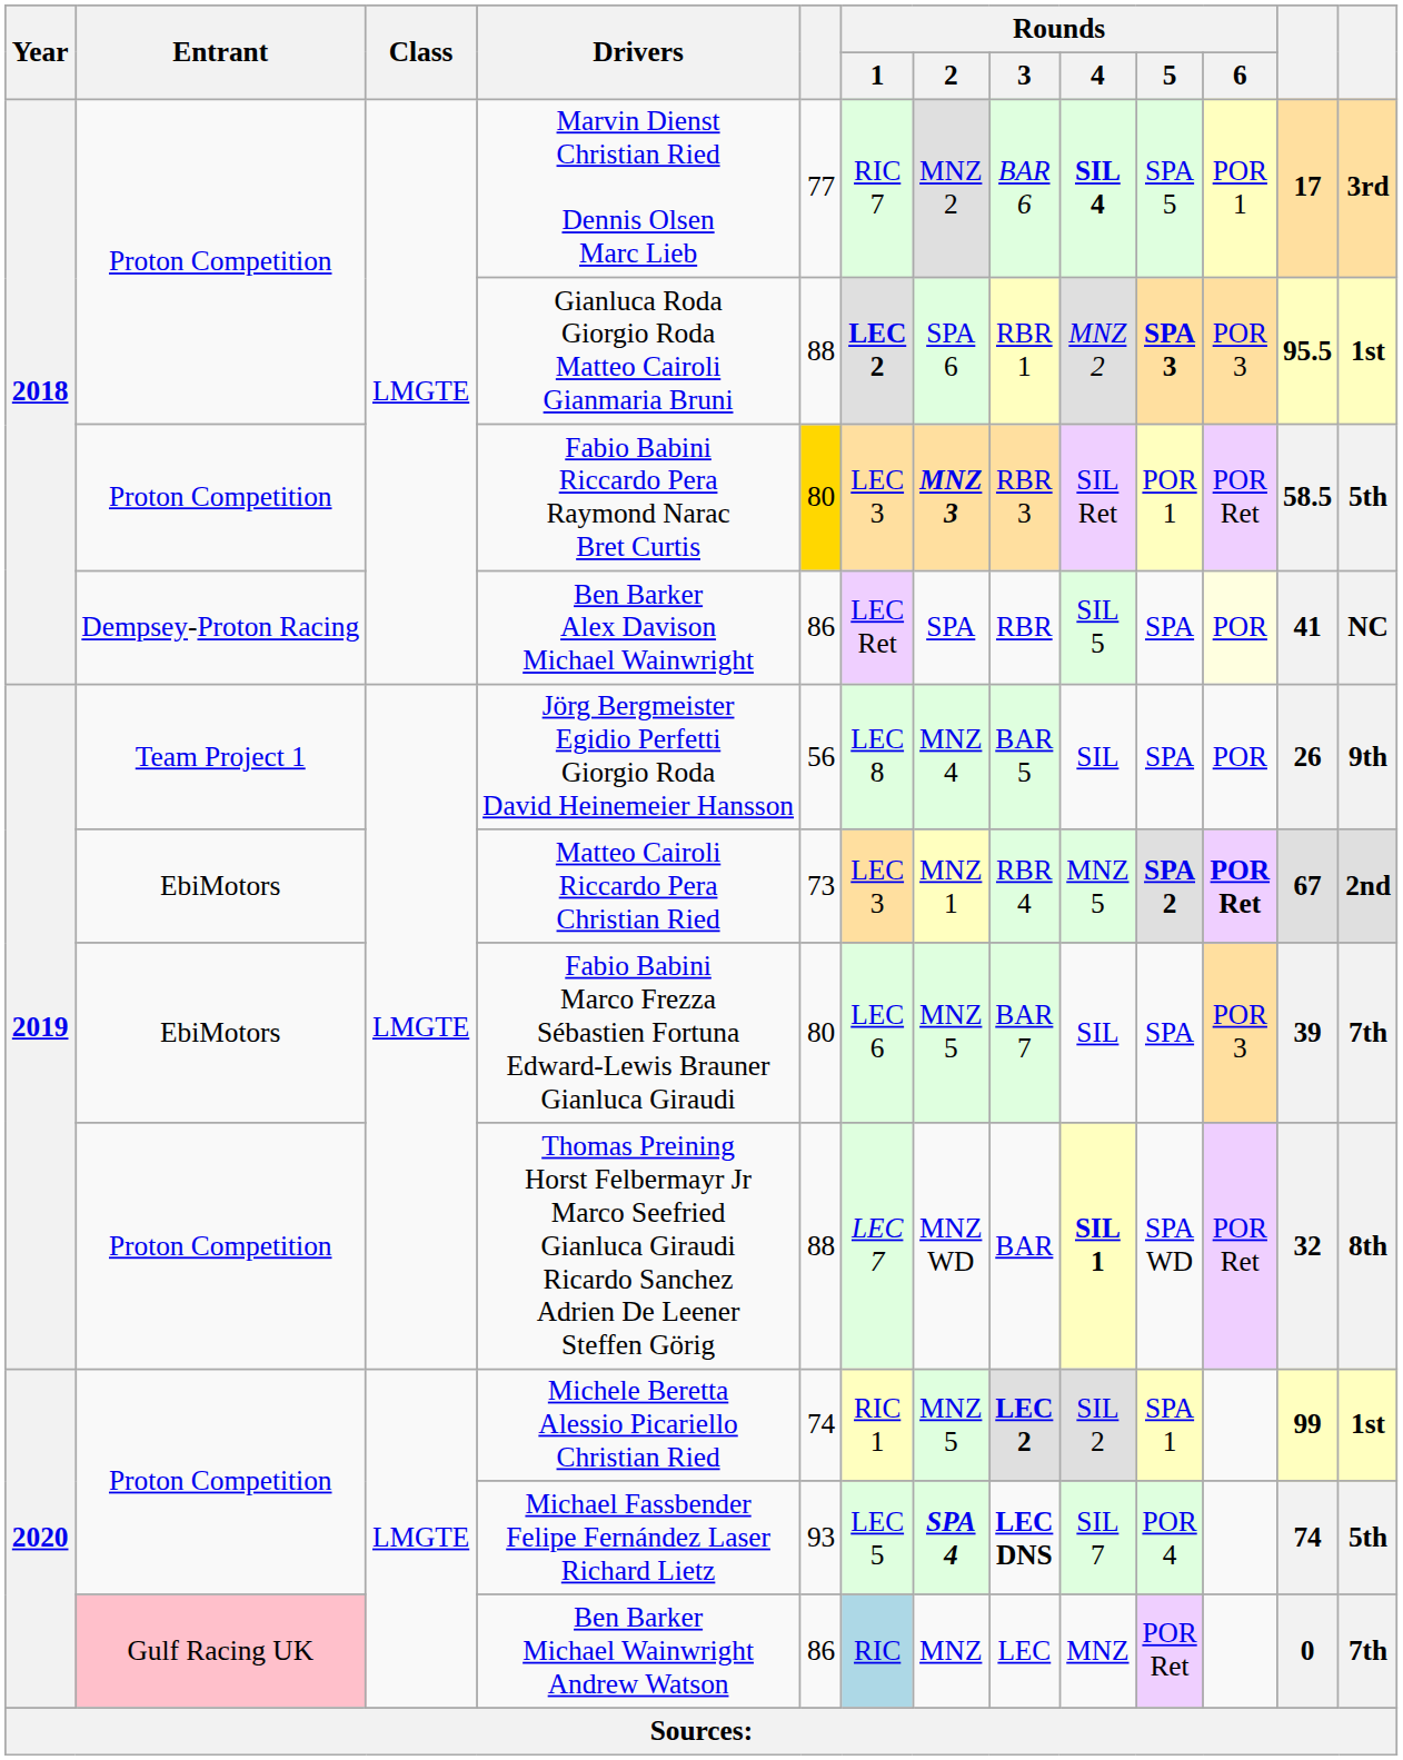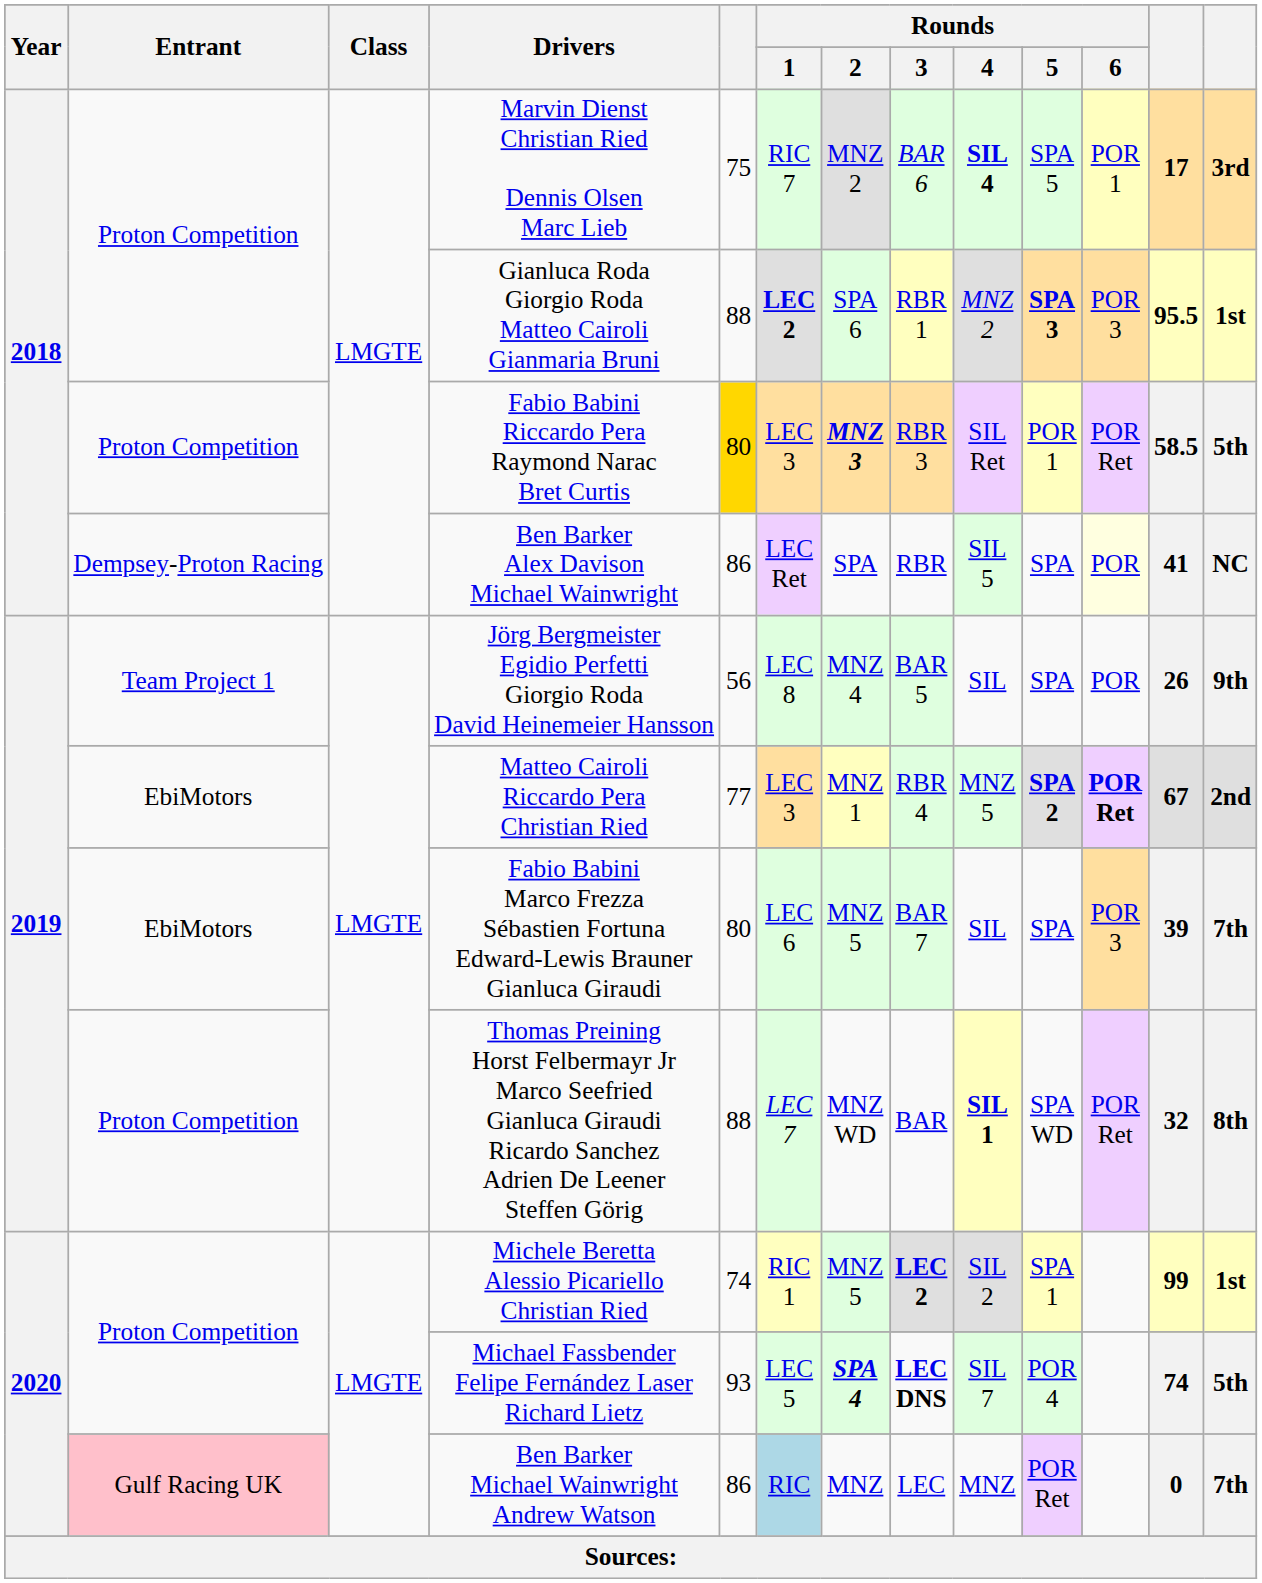 <table class="wikitable" style="text-align:center; font-size:90%">
 <tr>
 <th rowspan="2">Year</th>
 <th rowspan="2">Entrant</th>
 <th rowspan="2">Class</th>
 <th rowspan="2">Drivers</th>
 <th rowspan="2"></th>
 <th colspan="6">Rounds</th>
 <th rowspan="2"></th>
 <th rowspan="2"></th>
 </tr>
 <tr>
 <th>1</th>
 <th>2</th>
 <th>3</th>
 <th>4</th>
 <th>5</th>
 <th>6</th>
 </tr>
 <tr>
 <th rowspan="4"><a href='#'>2018</a></th>
 <td rowspan="2"> <a href='#'>Proton Competition</a></td>
 <td rowspan="4"><a href='#'>LMGTE</a></td>
 <td> <a href='#'>Marvin Dienst</a><br> <a href='#'>Christian Ried</a><br><br> <a href='#'>Dennis Olsen</a><br> <a href='#'>Marc Lieb</a></td>
-<td>77</td>
+<td>75</td>
 <td style="background:#DFFFDF;"><a href='#'>RIC</a><br>7</td>
 <td style="background:#DFDFDF;”"><a href='#'>MNZ</a><br>2</td>
 <td style="background:#DFFFDF;"><a href='#'><em>BAR</em></a><em><br>6</em></td>
 <td style="background:#DFFFDF;"><a href='#'><strong>SIL</strong></a><strong><br>4</strong></td>
 <td style="background:#DFFFDF;"><a href='#'>SPA</a><br>5</td>
 <td style="background:#FFFFBF;”"><a href='#'>POR</a><br>1</td>
 <th style="background:#FFDF9F;”">17</th>
 <th style="background:#FFDF9F;”">3rd</th>
 </tr>
 <tr>
 <td> Gianluca Roda<br> Giorgio Roda<br> <a href='#'>Matteo Cairoli</a><br> <a href='#'>Gianmaria Bruni</a></td>
 <td>88</td>
 <td style="background:#DFDFDF;”"><a href='#'><strong>LEC</strong></a><strong><br>2</strong></td>
 <td style="background:#DFFFDF;"><a href='#'>SPA</a><br>6</td>
 <td style="background:#FFFFBF;”"><a href='#'>RBR</a><br>1</td>
 <td style="background:#DFDFDF;”"><a href='#'><em>MNZ</em></a><em><br>2</em></td>
 <td style="background:#FFDF9F;”"><a href='#'><strong>SPA</strong></a><strong><br>3</strong></td>
 <td style="background:#FFDF9F;”"><a href='#'>POR</a><br>3</td>
 <th style="background:#FFFFBF;”">95.5</th>
 <th style="background:#FFFFBF;”">1st</th>
 </tr>
 <tr>
 <td> <a href='#'>Proton Competition</a></td>
 <td> <a href='#'>Fabio Babini</a><br> <a href='#'>Riccardo Pera</a><br> Raymond Narac<br> <a href='#'>Bret Curtis</a></td>
 <td style="background: gold;">80</td>
 <td style="background:#FFDF9F;”"><a href='#'>LEC</a><br>3</td>
 <td style="background:#FFDF9F;”"><em><a href='#'><strong>MNZ</strong></a><strong><br>3<strong><em></td>
 <td style="background:#FFDF9F;”"><a href='#'>RBR</a><br>3</td>
 <td style="background:#EFCFFF;"><a href='#'>SIL</a><br>Ret</td>
 <td style="background:#FFFFBF;”"><a href='#'>POR</a><br>1</td>
 <td style="background:#EFCFFF;"><a href='#'>POR</a><br>Ret</td>
 <th>58.5</th>
 <th>5th</th>
 </tr>
 <tr>
 <td> <a href='#'>Dempsey</a>-<a href='#'>Proton Racing</a></td>
 <td> <a href='#'>Ben Barker</a><br> <a href='#'>Alex Davison</a><br> <a href='#'>Michael Wainwright</a></td>
 <td>86</td>
 <td style="background:#EFCFFF;"><a href='#'>LEC</a><br>Ret</td>
 <td><a href='#'>SPA</a></td>
 <td><a href='#'>RBR</a></td>
 <td style="background:#DFFFDF;"><a href='#'>SIL</a><br>5</td>
 <td><a href='#'>SPA</a></td>
 <td style="background: lightyellow;"><a href='#'>POR</a></td>
 <th>41</th>
 <th>NC</th>
 </tr>
 <tr>
 <th rowspan="4"><a href='#'>2019</a></th>
 <td> <a href='#'>Team Project 1</a></td>
 <td rowspan="4"><a href='#'>LMGTE</a></td>
 <td> <a href='#'>Jörg Bergmeister</a><br> <a href='#'>Egidio Perfetti</a><br> Giorgio Roda<br> <a href='#'>David Heinemeier Hansson</a></td>
 <td>56</td>
 <td style="background:#DFFFDF;"><a href='#'>LEC</a><br>8</td>
 <td style="background:#DFFFDF;"><a href='#'>MNZ</a><br>4</td>
 <td style="background:#DFFFDF;"><a href='#'>BAR</a><br>5</td>
 <td><a href='#'>SIL</a></td>
 <td><a href='#'>SPA</a></td>
 <td><a href='#'>POR</a></td>
 <th>26</th>
 <th>9th</th>
 </tr>
 <tr>
 <td> EbiMotors</td>
 <td> <a href='#'>Matteo Cairoli</a><br> <a href='#'>Riccardo Pera</a><br> <a href='#'>Christian Ried</a></td>
-<td>73</td>
+<td>77</td>
 <td style="background:#FFDF9F;”"><a href='#'></strong>LEC<strong></a></strong><br>3<strong></td>
 <td style="background:#FFFFBF;”"></em><a href='#'></strong>MNZ<strong></a></strong><br>1</em></strong></td>
 <td style="background:#DFFFDF;"><a href='#'>RBR</a><br>4</td>
 <td style="background:#DFFFDF;"><a href='#'>MNZ</a><br>5</td>
 <td style="background:#DFDFDF;”"><a href='#'><strong>SPA</strong></a><strong><br>2</strong></td>
 <td style="background:#EFCFFF;"><a href='#'><strong>POR</strong></a><strong><br>Ret</strong></td>
 <th style="background:#DFDFDF;”">67</th>
 <th style="background:#DFDFDF;”">2nd</th>
 </tr>
 <tr>
 <td> EbiMotors</td>
 <td> <a href='#'>Fabio Babini</a><br> Marco Frezza<br> Sébastien Fortuna<br> Edward-Lewis Brauner<br> Gianluca Giraudi</td>
 <td>80</td>
 <td style="background:#DFFFDF;"><a href='#'>LEC</a><br>6</td>
 <td style="background:#DFFFDF;"><a href='#'>MNZ</a><br>5</td>
 <td style="background:#DFFFDF;"><a href='#'>BAR</a><br>7</td>
 <td><a href='#'>SIL</a></td>
 <td><a href='#'>SPA</a></td>
 <td style="background:#FFDF9F;”"><a href='#'>POR</a><br>3</td>
 <th>39</th>
 <th>7th</th>
 </tr>
 <tr>
 <td> <a href='#'>Proton Competition</a></td>
 <td> <a href='#'>Thomas Preining</a><br> Horst Felbermayr Jr<br> Marco Seefried<br> Gianluca Giraudi<br> Ricardo Sanchez<br> Adrien De Leener<br> Steffen Görig</td>
 <td>88</td>
 <td style="background:#DFFFDF;"><a href='#'><em>LEC</em></a><em><br>7</em></td>
 <td><a href='#'>MNZ</a><br>WD</td>
 <td><a href='#'>BAR</a></td>
 <td style="background:#FFFFBF;”"><a href='#'><strong>SIL</strong></a><strong><br>1</strong></td>
 <td><a href='#'>SPA</a><br>WD</td>
 <td style="background:#EFCFFF;"><a href='#'>POR</a><br>Ret</td>
 <th>32</th>
 <th>8th</th>
 </tr>
 <tr>
 <th rowspan="3"><a href='#'>2020</a></th>
 <td rowspan="2"> <a href='#'>Proton Competition</a></td>
 <td rowspan="3"><a href='#'>LMGTE</a></td>
 <td> <a href='#'>Michele Beretta</a><br> <a href='#'>Alessio Picariello</a><br> <a href='#'>Christian Ried</a></td>
 <td>74</td>
 <td style="background:#FFFFBF;”"><a href='#'>RIC</a><br>1</td>
 <td style="background:#DFFFDF;"><a href='#'>MNZ</a><br>5</td>
 <td style="background:#DFDFDF;”"><a href='#'><strong>LEC</strong></a><strong><br>2</strong></td>
 <td style="background:#DFDFDF;”"><a href='#'>SIL</a><br>2</td>
 <td style="background:#FFFFBF;”"><a href='#'>SPA</a><br>1</td>
 <td></td>
 <th style="background:#FFFFBF;”">99</th>
 <th style="background:#FFFFBF;”">1st</th>
 </tr>
 <tr>
 <td> <a href='#'>Michael Fassbender</a><br> <a href='#'>Felipe Fernández Laser</a><br> <a href='#'>Richard Lietz</a></td>
 <td>93</td>
 <td style="background:#DFFFDF;"><a href='#'>LEC</a><br>5</td>
 <td style="background:#DFFFDF;"><em><a href='#'><strong>SPA</strong></a><strong><br>4<strong><em></td>
 <td><strong><a href='#'>LEC</a><br>DNS</strong></td>
 <td style="background:#DFFFDF;"><a href='#'>SIL</a><br>7</td>
 <td style="background:#DFFFDF;"><a href='#'>POR</a><br>4</td>
 <td></td>
 <th>74</th>
 <th>5th</th>
 </tr>
 <tr>
 <td style="background: pink;"> Gulf Racing UK</td>
 <td> <a href='#'>Ben Barker</a><br> <a href='#'>Michael Wainwright</a><br> <a href='#'>Andrew Watson</a></td>
 <td>86</td>
 <td style="background: lightblue;"><a href='#'>RIC</a></td>
 <td><a href='#'>MNZ</a></td>
 <td><a href='#'>LEC</a></td>
 <td><a href='#'>MNZ</a></td>
 <td style="background:#EFCFFF;"><a href='#'>POR</a><br>Ret</td>
 <td></td>
 <th>0</th>
 <th>7th</th>
 </tr>
 <tr>
 <th colspan="13">Sources:</th>
 </tr>
 </table>
